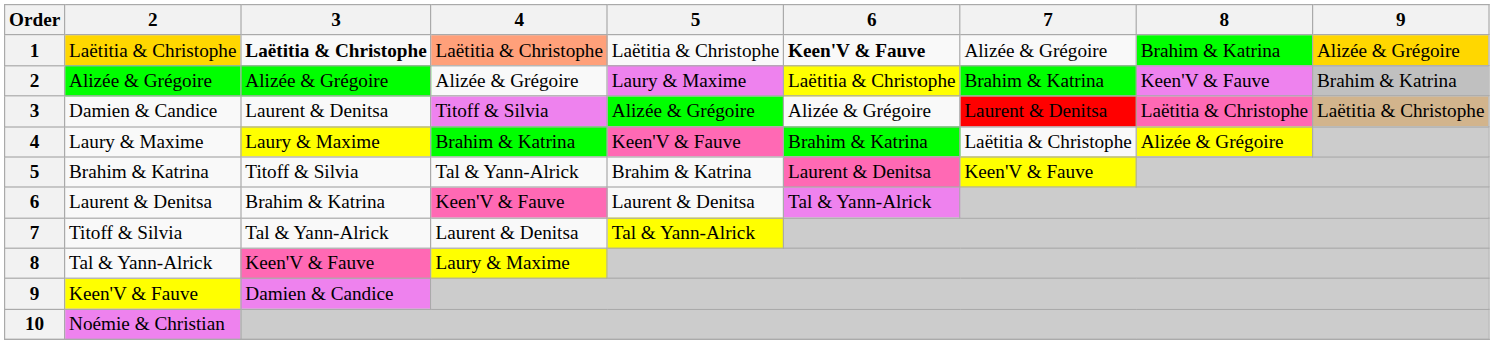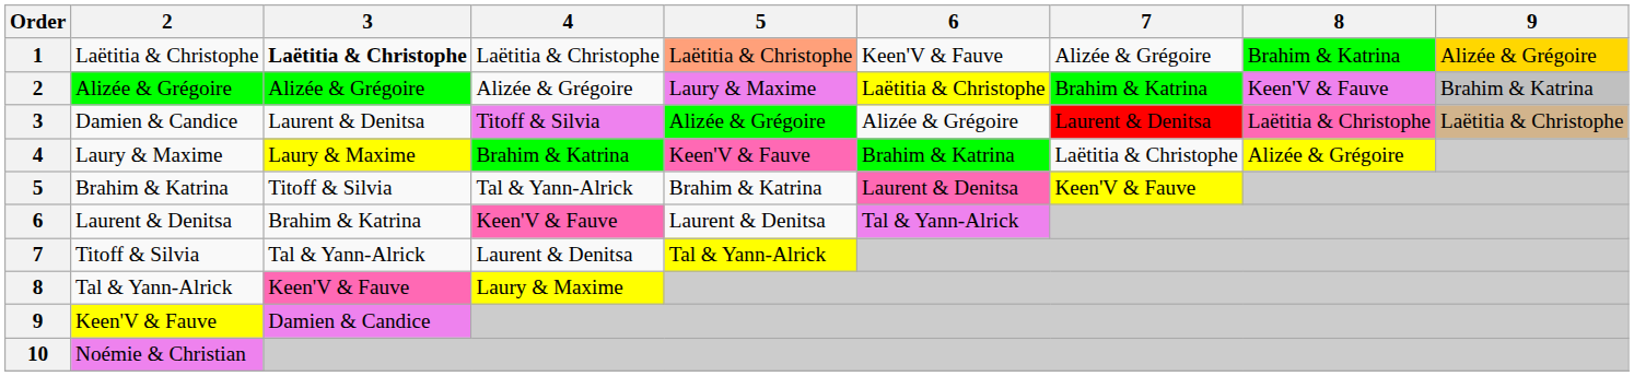 <table class="wikitable">
 <tr>
 <th>Order</th>
 <th>2</th>
 <th>3</th>
 <th>4</th>
 <th>5</th>
 <th>6</th>
 <th>7</th>
 <th>8</th>
 <th>9</th>
 </tr>
 <tr>
 <th>1</th>
-<td style="background: gold;">Laëtitia & Christophe</td>
+<td>Laëtitia & Christophe</td>
 <td><strong>Laëtitia & Christophe</strong></td>
+<td>Laëtitia & Christophe</td>
 <td style="background: lightsalmon;">Laëtitia & Christophe</td>
-<td>Laëtitia & Christophe</td>
-<td><strong>Keen'V & Fauve</strong></td>
+<td>Keen'V & Fauve</td>
 <td>Alizée & Grégoire</td>
 <td bgcolor="lime">Brahim & Katrina</td>
 <td bgcolor="gold">Alizée & Grégoire</td>
 </tr>
 <tr>
 <th>2</th>
 <td bgcolor="lime">Alizée & Grégoire</td>
 <td bgcolor="lime">Alizée & Grégoire</td>
 <td>Alizée & Grégoire</td>
 <td bgcolor="violet">Laury & Maxime</td>
 <td bgcolor="yellow">Laëtitia & Christophe</td>
 <td bgcolor="lime">Brahim & Katrina</td>
 <td bgcolor="violet">Keen'V & Fauve</td>
 <td bgcolor="silver">Brahim & Katrina</td>
 </tr>
 <tr>
 <th>3</th>
 <td>Damien & Candice</td>
 <td>Laurent & Denitsa</td>
 <td bgcolor="violet">Titoff & Silvia</td>
 <td bgcolor="lime">Alizée & Grégoire</td>
 <td>Alizée & Grégoire</td>
 <td bgcolor="red">Laurent & Denitsa</td>
 <td bgcolor="hotpink">Laëtitia & Christophe</td>
 <td bgcolor="tan">Laëtitia & Christophe</td>
 </tr>
 <tr>
 <th>4</th>
 <td>Laury & Maxime</td>
 <td bgcolor="yellow">Laury & Maxime</td>
 <td bgcolor="lime">Brahim & Katrina</td>
 <td bgcolor="hotpink">Keen'V & Fauve</td>
 <td bgcolor="lime">Brahim & Katrina</td>
 <td>Laëtitia & Christophe</td>
 <td bgcolor="yellow">Alizée & Grégoire</td>
 <td bgcolor="#CCCCCC" colspan="1"></td>
 </tr>
 <tr>
 <th>5</th>
 <td>Brahim & Katrina</td>
 <td>Titoff & Silvia</td>
 <td>Tal & Yann-Alrick</td>
 <td>Brahim & Katrina</td>
 <td bgcolor="hotpink">Laurent & Denitsa</td>
 <td bgcolor="yellow">Keen'V & Fauve</td>
 <td bgcolor="#CCCCCC" colspan="2"></td>
 </tr>
 <tr>
 <th>6</th>
 <td>Laurent & Denitsa</td>
 <td>Brahim & Katrina</td>
 <td bgcolor="hotpink">Keen'V & Fauve</td>
 <td>Laurent & Denitsa</td>
 <td bgcolor="violet">Tal & Yann-Alrick</td>
 <td bgcolor="#CCCCCC" colspan="3"></td>
 </tr>
 <tr>
 <th>7</th>
 <td>Titoff & Silvia</td>
 <td>Tal & Yann-Alrick</td>
 <td>Laurent & Denitsa</td>
 <td bgcolor="yellow">Tal & Yann-Alrick</td>
 <td bgcolor="#CCCCCC" colspan="4"></td>
 </tr>
 <tr>
 <th>8</th>
 <td>Tal & Yann-Alrick</td>
 <td bgcolor="hotpink">Keen'V & Fauve</td>
 <td bgcolor="yellow">Laury & Maxime</td>
 <td bgcolor="#CCCCCC" colspan="5"></td>
 </tr>
 <tr>
 <th>9</th>
 <td bgcolor="yellow">Keen'V & Fauve</td>
 <td bgcolor="violet">Damien & Candice</td>
 <td bgcolor="#CCCCCC" colspan="6"></td>
 </tr>
 <tr>
 <th>10</th>
 <td bgcolor="violet">Noémie & Christian</td>
 <td bgcolor="#CCCCCC" colspan="7"></td>
 </tr>
 <tr>
 </tr>
 </table>
